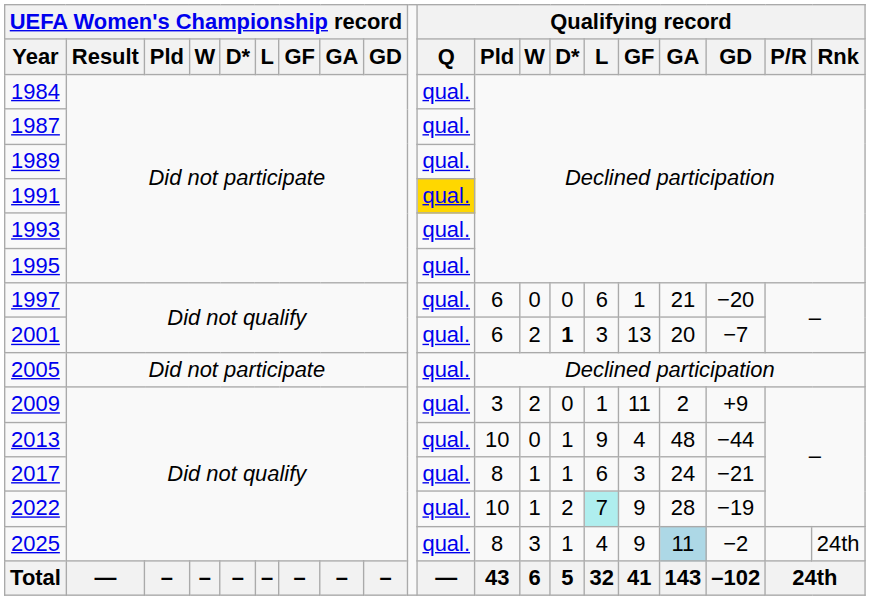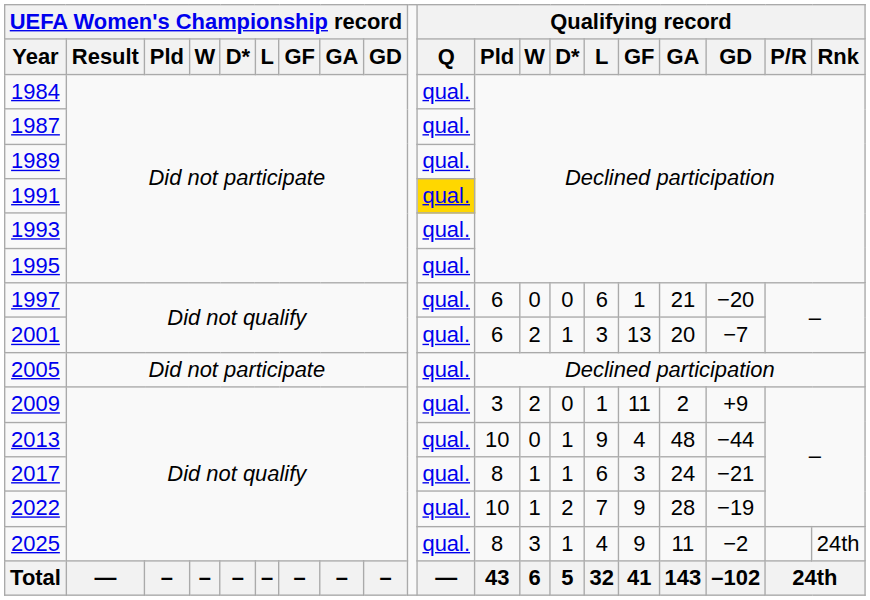 <table class="wikitable" style="text-align: center; ">
 <tr>
 <th colspan="9"><a href='#'>UEFA Women's Championship</a> record</th>
 <td rowspan=100></td>
 <th colspan=10>Qualifying record</th>
 </tr>
 <tr>
 <th>Year</th>
 <th>Result</th>
 <th>Pld</th>
 <th>W</th>
 <th>D*</th>
 <th>L</th>
 <th>GF</th>
 <th>GA</th>
 <th>GD</th>
 <th>Q</th>
 <th>Pld</th>
 <th>W</th>
 <th>D*</th>
 <th>L</th>
 <th>GF</th>
 <th>GA</th>
 <th>GD</th>
 <th>P/R</th>
 <th>Rnk</th>
 </tr>
 <tr>
 <td><a href='#'>1984</a></td>
 <td colspan=8 rowspan=6><em>Did not participate</em></td>
 <td><a href='#'>qual.</a></td>
 <td colspan=9 rowspan=6><em>Declined participation</em></td>
 </tr>
 <tr>
 <td> <a href='#'>1987</a></td>
 <td><a href='#'>qual.</a></td>
 </tr>
 <tr>
 <td> <a href='#'>1989</a></td>
 <td><a href='#'>qual.</a></td>
 </tr>
 <tr>
 <td> <a href='#'>1991</a></td>
 <td style="background: gold;"><a href='#'>qual.</a></td>
 </tr>
 <tr>
 <td> <a href='#'>1993</a></td>
 <td><a href='#'>qual.</a></td>
 </tr>
 <tr>
 <td> <a href='#'>1995</a></td>
 <td><a href='#'>qual.</a></td>
 </tr>
 <tr>
 <td>  <a href='#'>1997</a></td>
 <td colspan=8 rowspan=2><em>Did not qualify</em></td>
 <td><a href='#'>qual.</a></td>
 <td>6</td>
 <td>0</td>
 <td>0</td>
 <td>6</td>
 <td>1</td>
 <td>21</td>
 <td>−20</td>
 <td colspan=2 rowspan=2>–</td>
 </tr>
 <tr>
 <td> <a href='#'>2001</a></td>
 <td><a href='#'>qual.</a></td>
 <td>6</td>
 <td>2</td>
-<td><strong>1</strong></td>
+<td>1</td>
 <td>3</td>
 <td>13</td>
 <td>20</td>
 <td>−7</td>
 </tr>
 <tr>
 <td> <a href='#'>2005</a></td>
 <td colspan=8><em>Did not participate</em></td>
 <td><a href='#'>qual.</a></td>
 <td colspan=9><em>Declined participation</em></td>
 </tr>
 <tr>
 <td> <a href='#'>2009</a></td>
 <td colspan=8 rowspan=5><em>Did not qualify</em></td>
 <td><a href='#'>qual.</a></td>
 <td>3</td>
 <td>2</td>
 <td>0</td>
 <td>1</td>
 <td>11</td>
 <td>2</td>
 <td>+9</td>
 <td colspan=2 rowspan=4>–</td>
 </tr>
 <tr>
 <td> <a href='#'>2013</a></td>
 <td><a href='#'>qual.</a></td>
 <td>10</td>
 <td>0</td>
 <td>1</td>
 <td>9</td>
 <td>4</td>
 <td>48</td>
 <td>−44</td>
 </tr>
 <tr>
 <td> <a href='#'>2017</a></td>
 <td><a href='#'>qual.</a></td>
 <td>8</td>
 <td>1</td>
 <td>1</td>
 <td>6</td>
 <td>3</td>
 <td>24</td>
 <td>−21</td>
 </tr>
 <tr>
 <td> <a href='#'>2022</a></td>
 <td><a href='#'>qual.</a></td>
 <td>10</td>
 <td>1</td>
 <td>2</td>
-<td style="background: paleturquoise;">7</td>
+<td>7</td>
 <td>9</td>
 <td>28</td>
 <td>−19</td>
 </tr>
 <tr>
 <td> <a href='#'>2025</a></td>
 <td><a href='#'>qual.</a></td>
 <td>8</td>
 <td>3</td>
 <td>1</td>
 <td>4</td>
 <td>9</td>
-<td style="background: lightblue;">11</td>
+<td>11</td>
 <td>−2</td>
 <td></td>
 <td>24th</td>
 </tr>
 <tr>
 <th>Total</th>
 <th>—</th>
 <th>–</th>
 <th>–</th>
 <th>–</th>
 <th>–</th>
 <th>–</th>
 <th>–</th>
 <th>–</th>
 <th>—</th>
 <th>43</th>
 <th>6</th>
 <th>5</th>
 <th>32</th>
 <th>41</th>
 <th>143</th>
 <th>–102</th>
 <th colspan=2>24th</th>
 </tr>
 </table>
